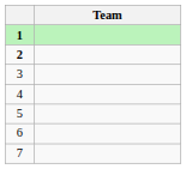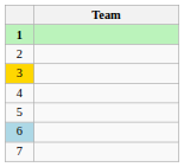 <table class="wikitable" style="text-align: center; font-size: 100%;">
 <tr>
 <th width="30"></th>
 <th width="180">Team</th>
 </tr>
 <tr style="background-color: #bbf3bb;">
 <td><strong>1</strong></td>
 <td align=left><strong></strong></td>
 </tr>
 <tr>
-<td><strong>2</strong></td>
+<td>2</td>
 <td align=left></td>
 </tr>
 <tr>
-<td>3</td>
+<td style="background: gold;">3</td>
 <td align=left></td>
 </tr>
 <tr>
 <td>4</td>
 <td align=left></td>
 </tr>
 <tr>
 <td>5</td>
 <td align=left></td>
 </tr>
 <tr>
-<td>6</td>
+<td style="background: lightblue;">6</td>
 <td align=left></td>
 </tr>
 <tr>
 <td>7</td>
 <td align=left></td>
 </tr>
 </table>
